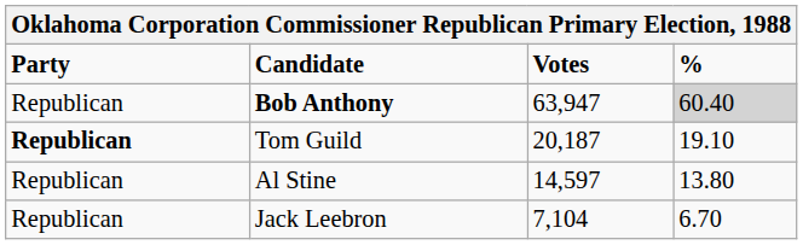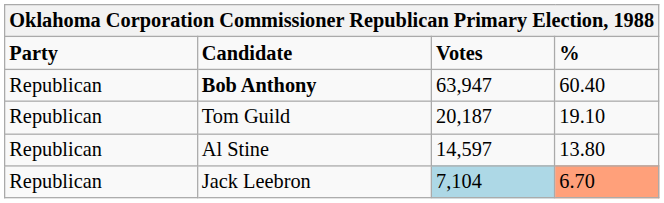 <table class="wikitable">
 <tr>
 <th colspan="4">Oklahoma Corporation Commissioner Republican Primary Election, 1988</th>
 </tr>
 <tr>
 <td><strong>Party</strong></td>
 <td><strong>Candidate</strong></td>
 <td><strong>Votes</strong></td>
 <td><strong>%</strong></td>
 </tr>
 <tr>
 <td>Republican</td>
 <td><strong>Bob Anthony</strong></td>
 <td>63,947</td>
-<td style="background: lightgrey;">60.40</td>
+<td>60.40</td>
 </tr>
 <tr>
-<td><strong>Republican</strong></td>
+<td>Republican</td>
 <td>Tom Guild</td>
 <td>20,187</td>
 <td>19.10</td>
 </tr>
 <tr>
 <td>Republican</td>
 <td>Al Stine</td>
 <td>14,597</td>
 <td>13.80</td>
 </tr>
 <tr>
 <td>Republican</td>
 <td>Jack Leebron</td>
-<td>7,104</td>
-<td>6.70</td>
+<td style="background: lightblue;">7,104</td>
+<td style="background: lightsalmon;">6.70</td>
 </tr>
 </table>
